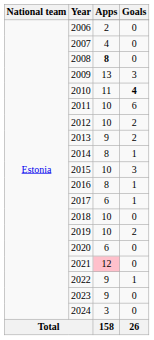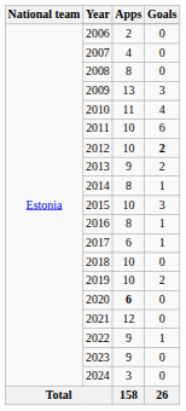 <table class="wikitable" style="text-align:center">
 <tr>
 <th>National team</th>
 <th>Year</th>
 <th>Apps</th>
 <th>Goals</th>
 </tr>
 <tr>
 <td rowspan=20><a href='#'>Estonia</a></td>
 </tr>
 <tr>
 <td>2006</td>
 <td>2</td>
 <td>0</td>
 </tr>
 <tr>
 <td>2007</td>
 <td>4</td>
 <td>0</td>
 </tr>
 <tr>
 <td>2008</td>
-<td><strong>8</strong></td>
+<td>8</td>
 <td>0</td>
 </tr>
 <tr>
 <td>2009</td>
 <td>13</td>
 <td>3</td>
 </tr>
 <tr>
 <td>2010</td>
 <td>11</td>
-<td><strong>4</strong></td>
+<td>4</td>
 </tr>
 <tr>
 <td>2011</td>
 <td>10</td>
 <td>6</td>
 </tr>
 <tr>
 <td>2012</td>
 <td>10</td>
-<td>2</td>
+<td><strong>2</strong></td>
 </tr>
 <tr>
 <td>2013</td>
 <td>9</td>
 <td>2</td>
 </tr>
 <tr>
 <td>2014</td>
 <td>8</td>
 <td>1</td>
 </tr>
 <tr>
 <td>2015</td>
 <td>10</td>
 <td>3</td>
 </tr>
 <tr>
 <td>2016</td>
 <td>8</td>
 <td>1</td>
 </tr>
 <tr>
 <td>2017</td>
 <td>6</td>
 <td>1</td>
 </tr>
 <tr>
 <td>2018</td>
 <td>10</td>
 <td>0</td>
 </tr>
 <tr>
 <td>2019</td>
 <td>10</td>
 <td>2</td>
 </tr>
 <tr>
 <td>2020</td>
-<td>6</td>
+<td><strong>6</strong></td>
 <td>0</td>
 </tr>
 <tr>
 <td>2021</td>
-<td style="background: pink;">12</td>
+<td>12</td>
 <td>0</td>
 </tr>
 <tr>
 <td>2022</td>
 <td>9</td>
 <td>1</td>
 </tr>
 <tr>
 <td>2023</td>
 <td>9</td>
 <td>0</td>
 </tr>
 <tr>
 <td>2024</td>
 <td>3</td>
 <td>0</td>
 </tr>
 <tr>
 <th colspan=2>Total</th>
 <th>158</th>
 <th>26</th>
 </tr>
 </table>
